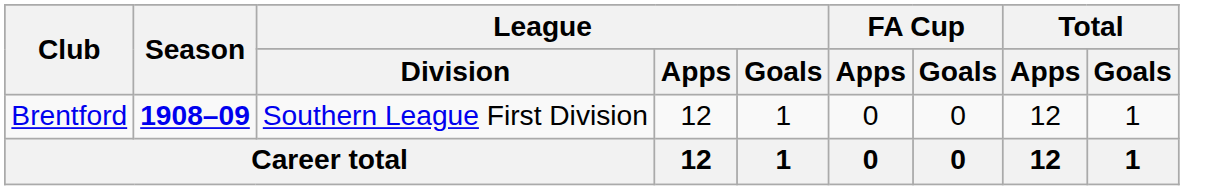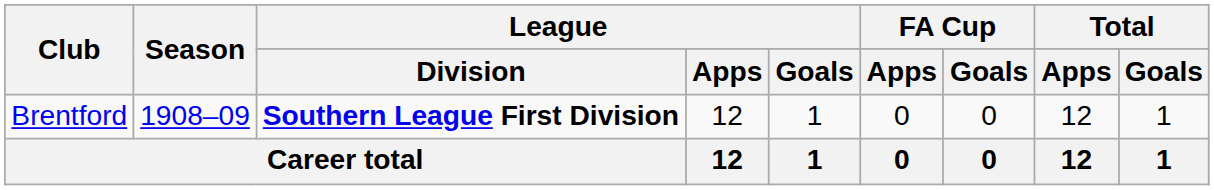 <table class="wikitable" style="text-align: center;">
 <tr>
 <th rowspan="2">Club</th>
 <th rowspan="2">Season</th>
 <th colspan="3">League</th>
 <th colspan="2">FA Cup</th>
 <th colspan="2">Total</th>
 </tr>
 <tr>
 <th>Division</th>
 <th>Apps</th>
 <th>Goals</th>
 <th>Apps</th>
 <th>Goals</th>
 <th>Apps</th>
 <th>Goals</th>
 </tr>
 <tr>
 <td><a href='#'>Brentford</a></td>
-<td><strong><a href='#'>1908–09</a></strong></td>
-<td><a href='#'>Southern League</a> First Division</td>
+<td><a href='#'>1908–09</a></td>
+<td><strong><a href='#'>Southern League</a> First Division</strong></td>
 <td>12</td>
 <td>1</td>
 <td>0</td>
 <td>0</td>
 <td>12</td>
 <td>1</td>
 </tr>
 <tr>
 <th colspan="3">Career total</th>
 <th>12</th>
 <th>1</th>
 <th>0</th>
 <th>0</th>
 <th>12</th>
 <th>1</th>
 </tr>
 </table>
